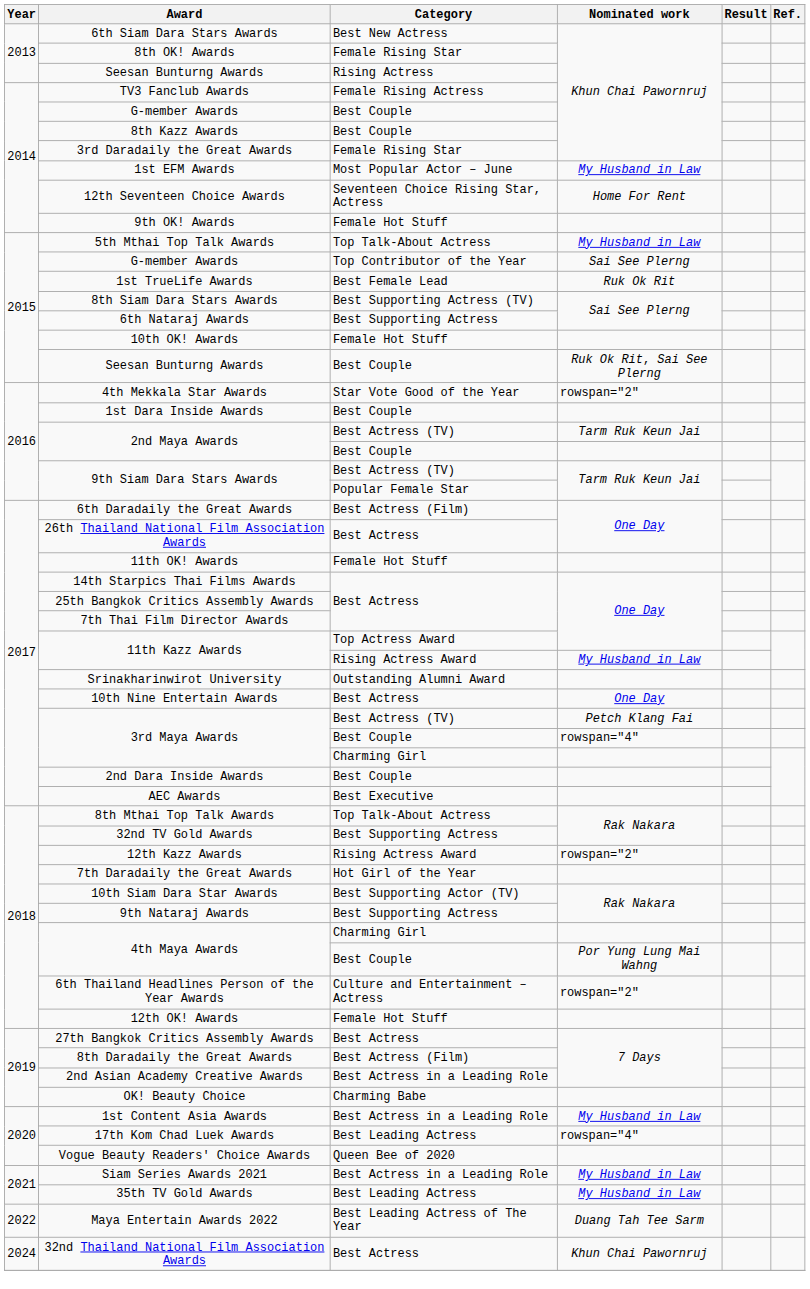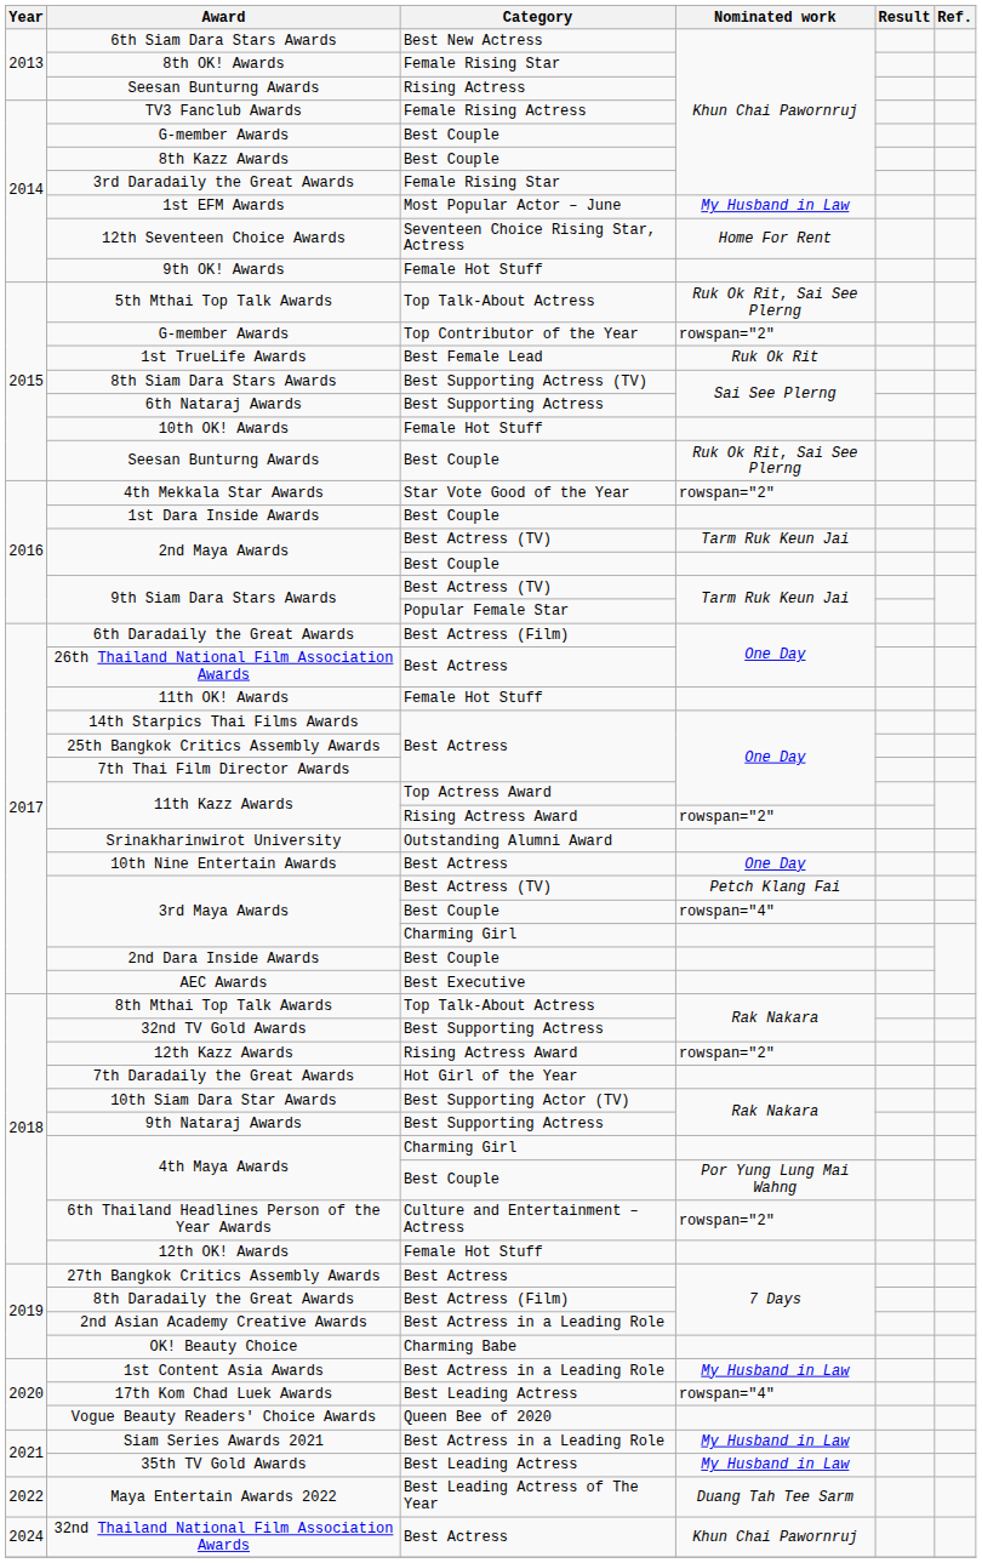 <table class="wikitable">
 <tr style="text-align:center;">
 <th>Year</th>
 <th>Award</th>
 <th>Category</th>
 <th>Nominated work</th>
 <th>Result</th>
 <th>Ref.</th>
 </tr>
 <tr>
 <td rowspan="3">2013</td>
 <td style="text-align:center;">6th Siam Dara Stars Awards</td>
 <td>Best New Actress</td>
 <td rowspan="7" style="text-align:center;"><em>Khun Chai Pawornruj</em></td>
 <td></td>
 <td></td>
 </tr>
 <tr>
 <td style="text-align:center;">8th OK! Awards</td>
 <td>Female Rising Star</td>
 <td></td>
 <td></td>
 </tr>
 <tr>
 <td style="text-align:center;">Seesan Bunturng Awards</td>
 <td>Rising Actress</td>
 <td></td>
 <td></td>
 </tr>
 <tr>
 <td rowspan="7">2014</td>
 <td style="text-align:center;">TV3 Fanclub Awards</td>
 <td>Female Rising Actress</td>
 <td></td>
 <td></td>
 </tr>
 <tr>
 <td style="text-align:center;">G-member Awards</td>
 <td>Best Couple </td>
 <td></td>
 <td></td>
 </tr>
 <tr>
 <td style="text-align:center;">8th Kazz Awards</td>
 <td>Best Couple </td>
 <td></td>
 <td></td>
 </tr>
 <tr>
 <td style="text-align:center;">3rd Daradaily the Great Awards</td>
 <td>Female Rising Star</td>
 <td></td>
 <td></td>
 </tr>
 <tr>
 <td style="text-align:center;">1st EFM Awards</td>
 <td>Most Popular Actor – June</td>
 <td style="text-align:center"><em><a href='#'>My Husband in Law</a></em></td>
 <td></td>
 <td></td>
 </tr>
 <tr>
 <td style="text-align:center;">12th Seventeen Choice Awards</td>
 <td>Seventeen Choice Rising Star, Actress</td>
 <td style="text-align:center"><em>Home For Rent</em></td>
 <td></td>
 <td></td>
 </tr>
 <tr>
 <td style="text-align:center;">9th OK! Awards</td>
 <td>Female Hot Stuff</td>
 <td></td>
 <td></td>
 <td></td>
 </tr>
 <tr>
 <td rowspan="7">2015</td>
 <td style="text-align:center;">5th Mthai Top Talk Awards</td>
 <td>Top Talk-About Actress</td>
-<td style="text-align:center"><em><a href='#'>My Husband in Law</a></em></td>
+<td style="text-align:center"><em>Ruk Ok Rit</em>, <em>Sai See Plerng</em></td>
 <td></td>
 <td></td>
 </tr>
 <tr>
 <td style="text-align:center;">G-member Awards</td>
 <td>Top Contributor of the Year</td>
-<td style="text-align:center"><em>Sai See Plerng</em></td>
+<td>rowspan="2" </td>
 <td></td>
 <td></td>
 </tr>
 <tr>
 <td style="text-align:center;">1st TrueLife Awards</td>
 <td>Best Female Lead</td>
 <td style="text-align:center"><em>Ruk Ok Rit</em></td>
 <td></td>
 <td></td>
 </tr>
 <tr>
 <td style="text-align:center;">8th Siam Dara Stars Awards</td>
 <td>Best Supporting Actress (TV)</td>
 <td rowspan="2" style="text-align:center"><em>Sai See Plerng</em></td>
 <td></td>
 <td></td>
 </tr>
 <tr>
 <td style="text-align:center;">6th Nataraj Awards</td>
 <td>Best Supporting Actress</td>
 <td></td>
 <td></td>
 </tr>
 <tr>
 <td style="text-align:center;">10th OK! Awards</td>
 <td>Female Hot Stuff</td>
 <td></td>
 <td></td>
 <td></td>
 </tr>
 <tr>
 <td style="text-align:center;">Seesan Bunturng Awards</td>
 <td>Best Couple </td>
 <td style="text-align:center"><em>Ruk Ok Rit</em>, <em>Sai See Plerng</em></td>
 <td></td>
 <td></td>
 </tr>
 <tr>
 <td rowspan="6">2016</td>
 <td style="text-align:center;">4th Mekkala Star Awards</td>
 <td>Star Vote Good of the Year</td>
 <td>rowspan="2" </td>
 <td></td>
 <td></td>
 </tr>
 <tr>
 <td style="text-align:center;">1st Dara Inside Awards</td>
 <td>Best Couple </td>
 <td></td>
 <td></td>
 </tr>
 <tr>
 <td rowspan="2" style="text-align:center;">2nd Maya Awards</td>
 <td>Best Actress (TV)</td>
 <td style="text-align:center"><em>Tarm Ruk Keun Jai</em></td>
 <td></td>
 <td></td>
 </tr>
 <tr>
 <td>Best Couple </td>
 <td></td>
 <td></td>
 <td></td>
 </tr>
 <tr>
 <td rowspan="2" style="text-align:center;">9th Siam Dara Stars Awards</td>
 <td>Best Actress (TV)</td>
 <td rowspan="2" style="text-align:center"><em>Tarm Ruk Keun Jai</em></td>
 <td></td>
 <td rowspan="2"></td>
 </tr>
 <tr>
 <td>Popular Female Star</td>
 <td></td>
 </tr>
 <tr>
 <td rowspan="15">2017</td>
 <td style="text-align:center;">6th Daradaily the Great Awards</td>
 <td>Best Actress (Film)</td>
 <td rowspan="2" style="text-align:center"><a href='#'><em>One Day</em></a></td>
 <td></td>
 <td></td>
 </tr>
 <tr>
 <td style="text-align:center;">26th <a href='#'>Thailand National Film Association Awards</a></td>
 <td>Best Actress</td>
 <td></td>
 <td></td>
 </tr>
 <tr>
 <td style="text-align:center;">11th OK! Awards</td>
 <td>Female Hot Stuff</td>
 <td></td>
 <td></td>
 <td></td>
 </tr>
 <tr>
 <td style="text-align:center;">14th Starpics Thai Films Awards</td>
 <td rowspan="3">Best Actress</td>
 <td rowspan="4" style="text-align:center"><a href='#'><em>One Day</em></a></td>
 <td></td>
 <td></td>
 </tr>
 <tr>
 <td style="text-align:center;">25th Bangkok Critics Assembly Awards</td>
 <td></td>
 <td></td>
 </tr>
 <tr>
 <td style="text-align:center;">7th Thai Film Director Awards</td>
 <td></td>
 <td></td>
 </tr>
 <tr>
 <td rowspan="2" style="text-align:center;">11th Kazz Awards</td>
 <td>Top Actress Award</td>
 <td></td>
 <td rowspan="2"></td>
 </tr>
 <tr>
 <td>Rising Actress Award</td>
-<td style="text-align:center"><em><a href='#'>My Husband in Law</a></em></td>
+<td>rowspan="2" </td>
 <td></td>
 </tr>
 <tr>
 <td style="text-align:center;">Srinakharinwirot University</td>
 <td>Outstanding Alumni Award</td>
 <td></td>
 <td></td>
 </tr>
 <tr>
 <td style="text-align:center;">10th Nine Entertain Awards</td>
 <td>Best Actress</td>
 <td style="text-align:center"><a href='#'><em>One Day</em></a></td>
 <td></td>
 <td></td>
 </tr>
 <tr>
 <td rowspan="3" style="text-align:center;">3rd Maya Awards</td>
 <td>Best Actress (TV)</td>
 <td style="text-align:center"><em>Petch Klang Fai</em></td>
 <td></td>
 <td></td>
 </tr>
 <tr>
 <td>Best Couple </td>
 <td>rowspan="4" </td>
 <td></td>
 <td></td>
 </tr>
 <tr>
 <td>Charming Girl</td>
 <td></td>
 <td></td>
 </tr>
 <tr>
 <td style="text-align:center;">2nd Dara Inside Awards</td>
 <td>Best Couple </td>
 <td></td>
 <td></td>
 </tr>
 <tr>
 <td style="text-align:center;">AEC Awards</td>
 <td>Best Executive</td>
 <td></td>
 <td></td>
 </tr>
 <tr>
 <td rowspan="10">2018</td>
 <td style="text-align:center;">8th Mthai Top Talk Awards</td>
 <td>Top Talk-About Actress</td>
 <td rowspan="2" style="text-align:center"><em>Rak Nakara</em></td>
 <td></td>
 <td></td>
 </tr>
 <tr>
 <td style="text-align:center;">32nd TV Gold Awards</td>
 <td>Best Supporting Actress</td>
 <td></td>
 <td></td>
 </tr>
 <tr>
 <td style="text-align:center;">12th Kazz Awards</td>
 <td>Rising Actress Award</td>
 <td>rowspan="2" </td>
 <td></td>
 <td></td>
 </tr>
 <tr>
 <td style="text-align:center;">7th Daradaily the Great Awards</td>
 <td>Hot Girl of the Year</td>
 <td></td>
 <td></td>
 </tr>
 <tr>
 <td style="text-align:center;">10th Siam Dara Star Awards</td>
 <td>Best Supporting Actor (TV)</td>
 <td rowspan="2" style="text-align:center"><em>Rak Nakara</em></td>
 <td></td>
 <td></td>
 </tr>
 <tr>
 <td style="text-align:center;">9th Nataraj Awards</td>
 <td>Best Supporting Actress</td>
 <td></td>
 <td></td>
 </tr>
 <tr>
 <td rowspan="2" style="text-align:center;">4th Maya Awards</td>
 <td>Charming Girl</td>
 <td></td>
 <td></td>
 <td></td>
 </tr>
 <tr>
 <td>Best Couple </td>
 <td style="text-align:center"><em>Por Yung Lung Mai Wahng</em></td>
 <td></td>
 <td></td>
 </tr>
 <tr>
 <td style="text-align:center;">6th Thailand Headlines Person of the Year Awards</td>
 <td>Culture and Entertainment – Actress</td>
 <td>rowspan="2" </td>
 <td></td>
 <td></td>
 </tr>
 <tr>
 <td style="text-align:center;">12th OK! Awards</td>
 <td>Female Hot Stuff</td>
 <td></td>
 <td></td>
 </tr>
 <tr>
 <td rowspan="4">2019</td>
 <td style="text-align:center;">27th Bangkok Critics Assembly Awards</td>
 <td>Best Actress</td>
 <td rowspan="3" style="text-align:center"><em>7 Days</em></td>
 <td></td>
 <td></td>
 </tr>
 <tr>
 <td style="text-align:center;">8th Daradaily the Great Awards</td>
 <td>Best Actress (Film)</td>
 <td></td>
 <td></td>
 </tr>
 <tr>
 <td style="text-align:center;">2nd Asian Academy Creative Awards</td>
 <td>Best Actress in a Leading Role</td>
 <td></td>
 <td></td>
 </tr>
 <tr>
 <td style="text-align:center;">OK! Beauty Choice</td>
 <td>Charming Babe</td>
 <td></td>
 <td></td>
 <td></td>
 </tr>
 <tr>
 <td rowspan="3">2020</td>
 <td style="text-align:center;">1st Content Asia Awards</td>
 <td>Best Actress in a Leading Role</td>
 <td style="text-align:center"><em><a href='#'>My Husband in Law</a></em></td>
 <td></td>
 <td></td>
 </tr>
 <tr>
 <td style="text-align:center;">17th Kom Chad Luek Awards</td>
 <td>Best Leading Actress</td>
 <td>rowspan="4" </td>
 <td></td>
 <td></td>
 </tr>
 <tr>
 <td style="text-align:center;">Vogue Beauty Readers' Choice Awards</td>
 <td>Queen Bee of 2020</td>
 <td></td>
 <td></td>
 <td></td>
 </tr>
 <tr>
 <td rowspan="2">2021</td>
 <td style="text-align:center;">Siam Series Awards 2021</td>
 <td>Best Actress in a Leading Role</td>
 <td style="text-align:center"><em><a href='#'>My Husband in Law</a></em></td>
 <td></td>
 <td></td>
 </tr>
 <tr>
 <td style="text-align:center;">35th TV Gold Awards</td>
 <td>Best Leading Actress</td>
 <td style="text-align:center"><em><a href='#'>My Husband in Law</a></em></td>
 <td></td>
 <td></td>
 </tr>
 <tr>
 <td rowspan="1">2022</td>
 <td style="text-align:center;">Maya Entertain Awards 2022</td>
 <td>Best Leading Actress of The Year</td>
 <td style="text-align:center"><em>Duang Tah Tee Sarm</em></td>
 <td></td>
 <td></td>
 </tr>
 <tr>
 <td rowspan="1">2024</td>
 <td style="text-align:center;">32nd <a href='#'>Thailand National Film Association Awards</a></td>
 <td>Best Actress</td>
 <td style="text-align:center;"><em>Khun Chai Pawornruj</em></td>
 <td></td>
 <td></td>
 </tr>
 <tr>
 </tr>
 </table>
